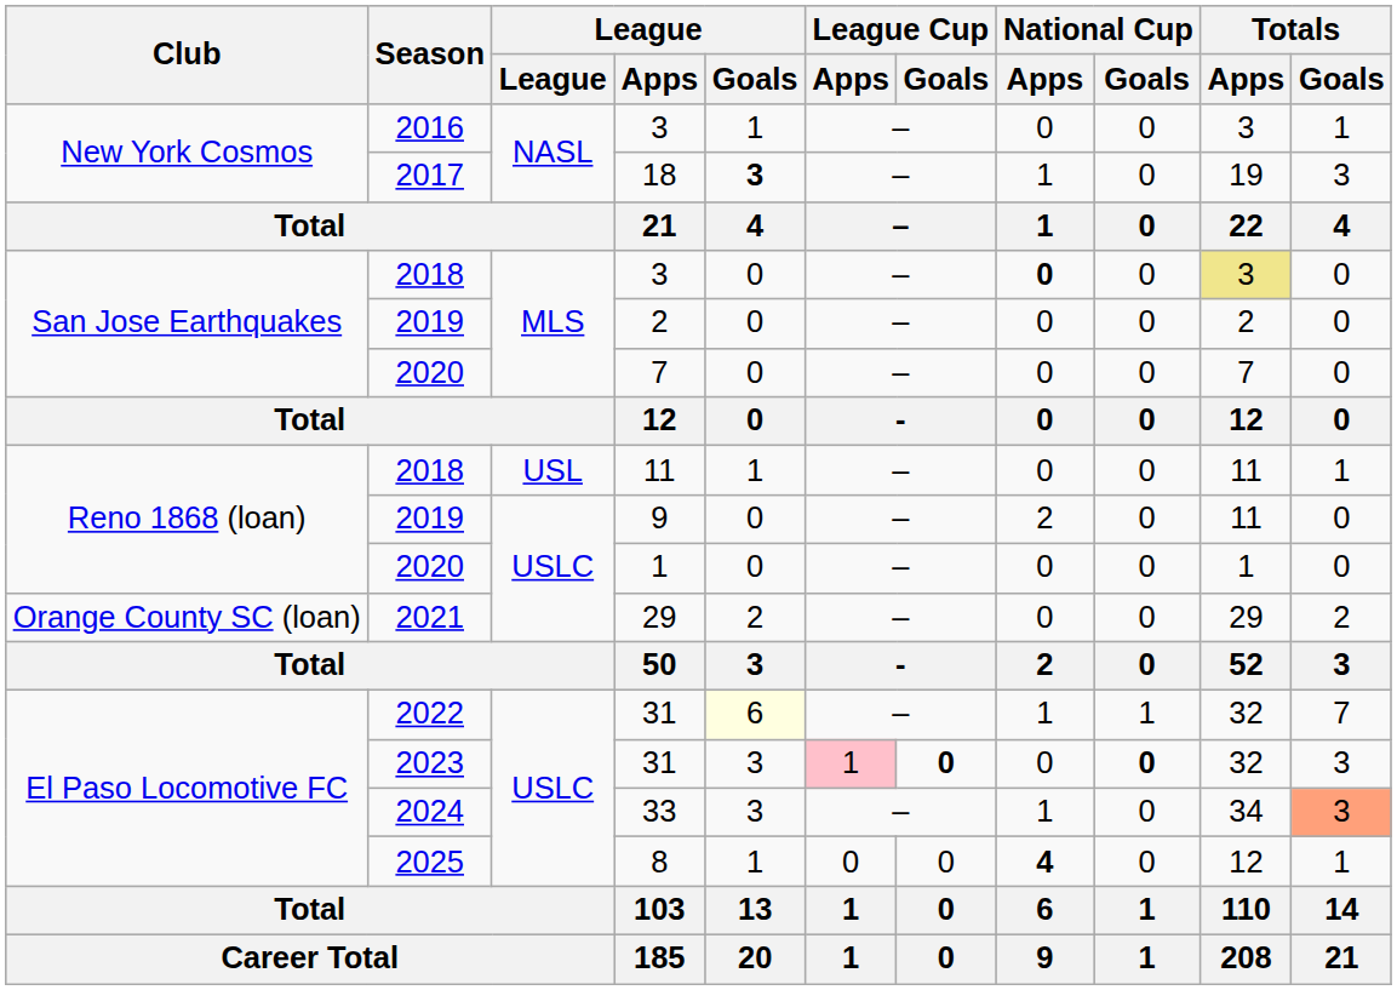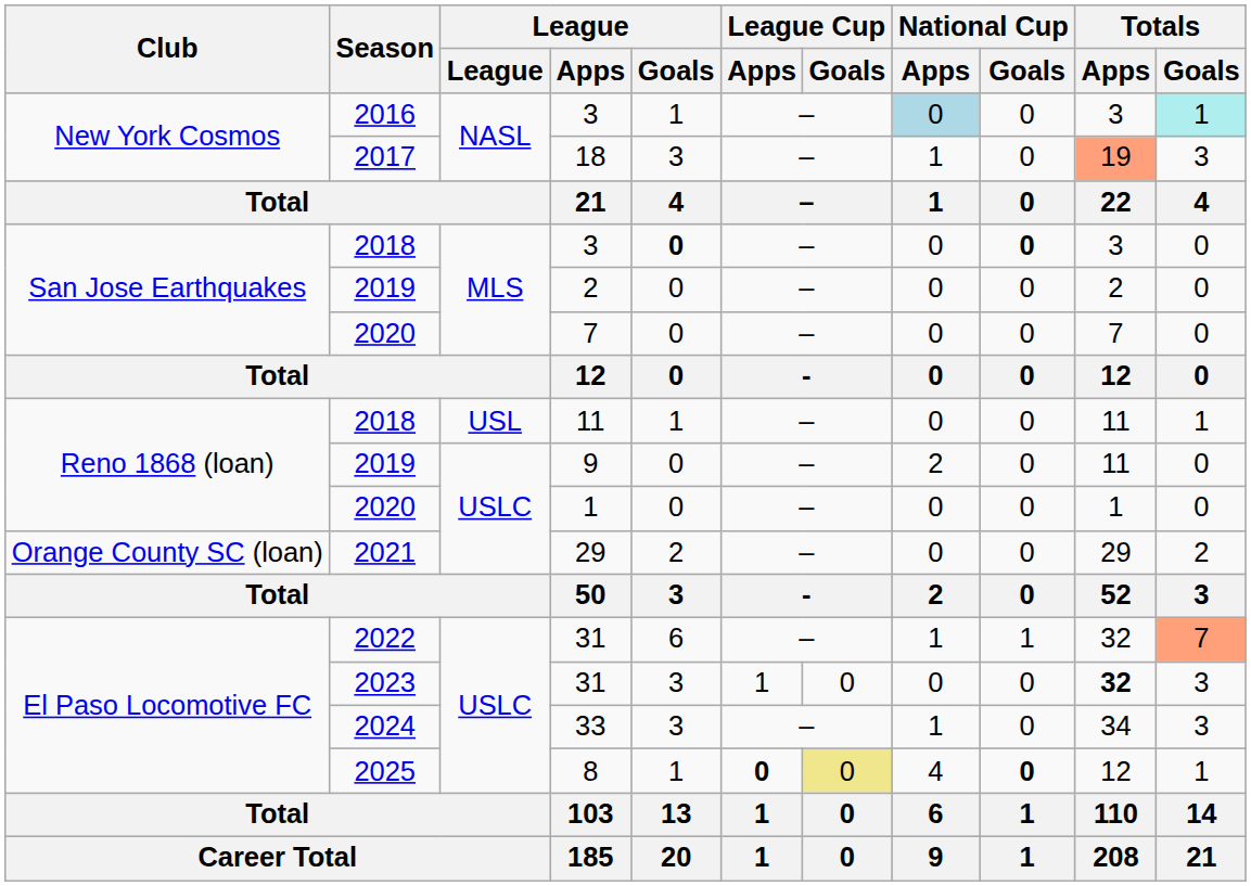 <table class="wikitable" Style="text-align: center">
 <tr>
 <th rowspan="2">Club</th>
 <th rowspan="2">Season</th>
 <th colspan="3">League</th>
 <th colspan="2">League Cup</th>
 <th colspan="2">National Cup</th>
 <th colspan="2">Totals</th>
 </tr>
 <tr>
 <th>League</th>
 <th>Apps</th>
 <th>Goals</th>
 <th>Apps</th>
 <th>Goals</th>
 <th>Apps</th>
 <th>Goals</th>
 <th>Apps</th>
 <th>Goals</th>
 </tr>
 <tr>
 <td rowspan="2"><a href='#'>New York Cosmos</a></td>
 <td><a href='#'>2016</a></td>
 <td rowspan="2"><a href='#'>NASL</a></td>
 <td>3</td>
 <td>1</td>
 <td colspan=2>–</td>
-<td>0</td>
+<td style="background: lightblue;">0</td>
 <td>0</td>
 <td>3</td>
-<td>1</td>
+<td style="background: paleturquoise;">1</td>
 </tr>
 <tr>
 <td><a href='#'>2017</a></td>
 <td>18</td>
-<td><strong>3</strong></td>
+<td>3</td>
 <td colspan=2>–</td>
 <td>1</td>
 <td>0</td>
-<td>19</td>
+<td style="background: lightsalmon;">19</td>
 <td>3</td>
 </tr>
 <tr>
 <th colspan="3">Total</th>
 <th>21</th>
 <th>4</th>
 <th colspan="2">–</th>
 <th>1</th>
 <th>0</th>
 <th>22</th>
 <th>4</th>
 </tr>
 <tr>
 <td rowspan="3"><a href='#'>San Jose Earthquakes</a></td>
 <td><a href='#'>2018</a></td>
 <td rowspan="3"><a href='#'>MLS</a></td>
 <td>3</td>
+<td><strong>0</strong></td>
+<td colspan=2>–</td>
 <td>0</td>
-<td colspan=2>–</td>
 <td><strong>0</strong></td>
-<td>0</td>
-<td style="background: khaki;">3</td>
+<td>3</td>
 <td>0</td>
 </tr>
 <tr>
 <td><a href='#'>2019</a></td>
 <td>2</td>
 <td>0</td>
 <td colspan=2>–</td>
 <td>0</td>
 <td>0</td>
 <td>2</td>
 <td>0</td>
 </tr>
 <tr>
 <td><a href='#'>2020</a></td>
 <td>7</td>
 <td>0</td>
 <td colspan=2>–</td>
 <td>0</td>
 <td>0</td>
 <td>7</td>
 <td>0</td>
 </tr>
 <tr>
 <th colspan="3">Total</th>
 <th>12</th>
 <th>0</th>
 <th colspan="2">-</th>
 <th>0</th>
 <th>0</th>
 <th>12</th>
 <th>0</th>
 </tr>
 <tr>
 <td rowspan="3"><a href='#'>Reno 1868</a> (loan)</td>
 <td><a href='#'>2018</a></td>
 <td><a href='#'>USL</a></td>
 <td>11</td>
 <td>1</td>
 <td colspan=2>–</td>
 <td>0</td>
 <td>0</td>
 <td>11</td>
 <td>1</td>
 </tr>
 <tr>
 <td><a href='#'>2019</a></td>
 <td rowspan=3><a href='#'>USLC</a></td>
 <td>9</td>
 <td>0</td>
 <td colspan=2>–</td>
 <td>2</td>
 <td>0</td>
 <td>11</td>
 <td>0</td>
 </tr>
 <tr>
 <td><a href='#'>2020</a></td>
 <td>1</td>
 <td>0</td>
 <td colspan=2>–</td>
 <td>0</td>
 <td>0</td>
 <td>1</td>
 <td>0</td>
 </tr>
 <tr>
 <td><a href='#'>Orange County SC</a> (loan)</td>
 <td><a href='#'>2021</a></td>
 <td>29</td>
 <td>2</td>
 <td colspan=2>–</td>
 <td>0</td>
 <td>0</td>
 <td>29</td>
 <td>2</td>
 </tr>
 <tr>
 <th colspan="3">Total</th>
 <th>50</th>
 <th>3</th>
 <th colspan="2">-</th>
 <th>2</th>
 <th>0</th>
 <th>52</th>
 <th>3</th>
 </tr>
 <tr>
 <td rowspan="4"><a href='#'>El Paso Locomotive FC</a></td>
 <td><a href='#'>2022</a></td>
 <td rowspan="4"><a href='#'>USLC</a></td>
 <td>31</td>
-<td style="background: lightyellow;">6</td>
+<td>6</td>
 <td colspan=2>–</td>
 <td>1</td>
 <td>1</td>
 <td>32</td>
-<td>7</td>
+<td style="background: lightsalmon;">7</td>
 </tr>
 <tr>
 <td><a href='#'>2023</a></td>
 <td>31</td>
 <td>3</td>
-<td style="background: pink;">1</td>
-<td><strong>0</strong></td>
+<td>1</td>
 <td>0</td>
-<td><strong>0</strong></td>
-<td>32</td>
+<td>0</td>
+<td>0</td>
+<td><strong>32</strong></td>
 <td>3</td>
 </tr>
 <tr>
 <td><a href='#'>2024</a></td>
 <td>33</td>
 <td>3</td>
 <td colspan=2>–</td>
 <td>1</td>
 <td>0</td>
 <td>34</td>
-<td style="background: lightsalmon;">3</td>
+<td>3</td>
 </tr>
 <tr>
 <td><a href='#'>2025</a></td>
 <td>8</td>
 <td>1</td>
-<td>0</td>
-<td>0</td>
-<td><strong>4</strong></td>
-<td>0</td>
+<td><strong>0</strong></td>
+<td style="background: khaki;">0</td>
+<td>4</td>
+<td><strong>0</strong></td>
 <td>12</td>
 <td>1</td>
 </tr>
 <tr>
 <th colspan="3">Total</th>
 <th>103</th>
 <th>13</th>
 <th>1</th>
 <th>0</th>
 <th>6</th>
 <th>1</th>
 <th>110</th>
 <th>14</th>
 </tr>
 <tr>
 <th colspan="3">Career Total</th>
 <th>185</th>
 <th>20</th>
 <th>1</th>
 <th>0</th>
 <th>9</th>
 <th>1</th>
 <th>208</th>
 <th>21</th>
 </tr>
 <tr>
 </tr>
 </table>
